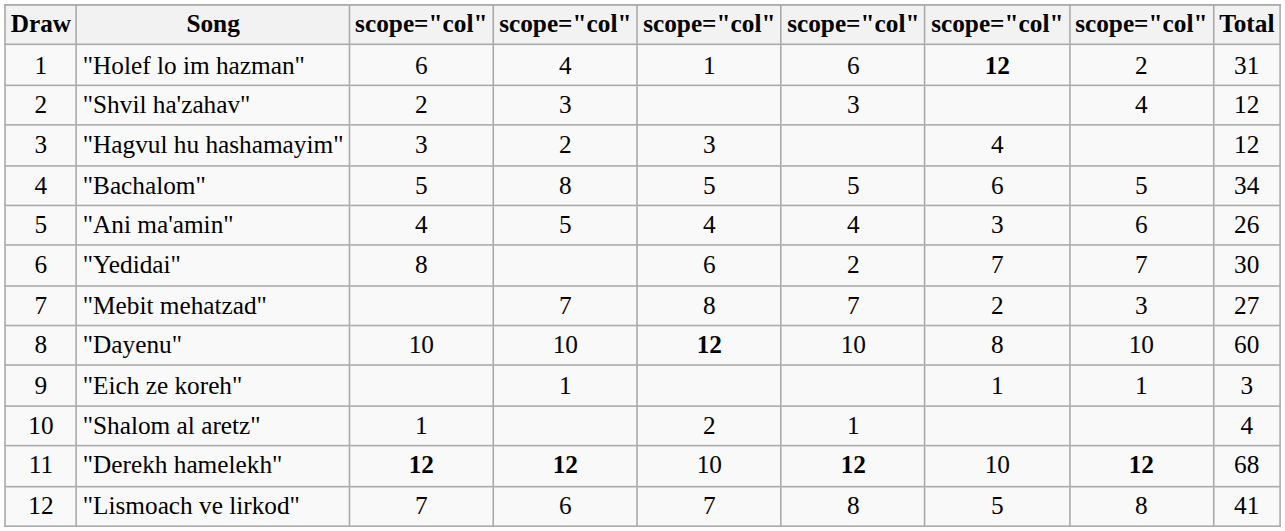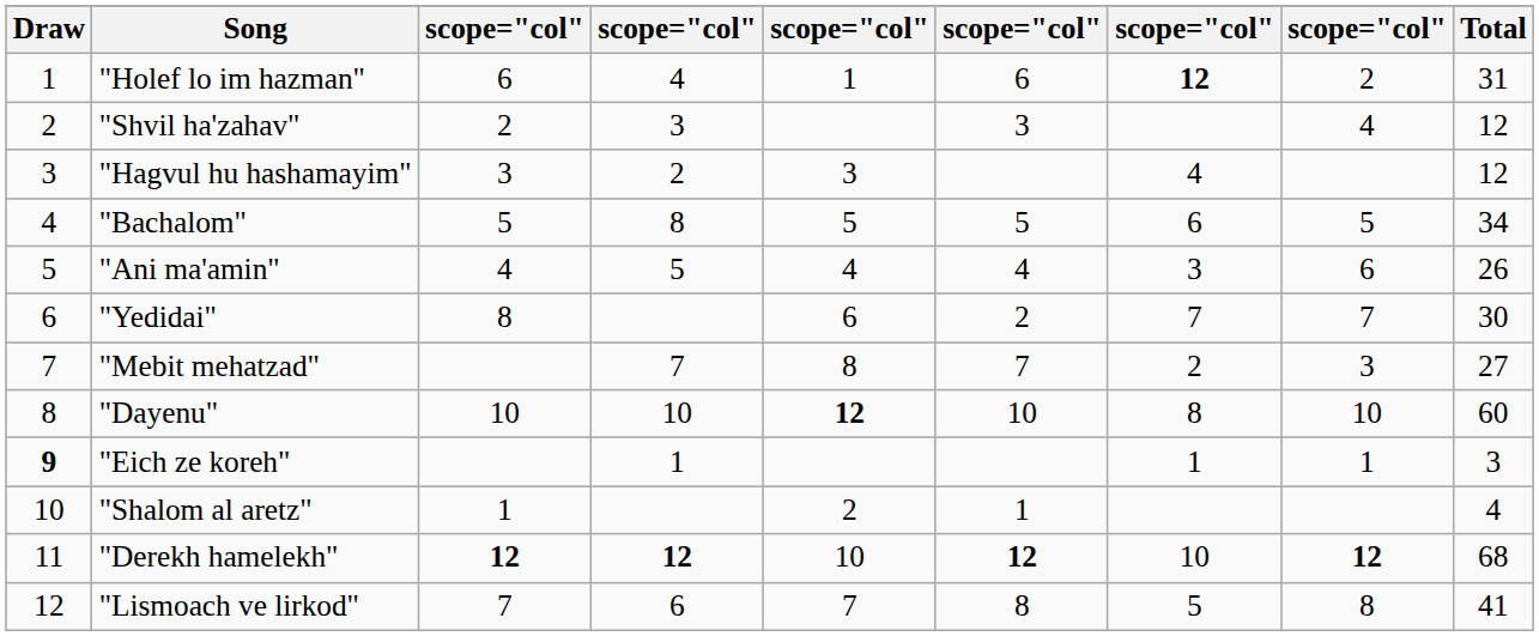 <table class="wikitable plainrowheaders" style="margin: 1em auto 1em auto; text-align:center;">
 <tr>
 </tr>
 <tr>
 <th scope="col">Draw</th>
 <th scope="col">Song</th>
 <th>scope="col" </th>
 <th>scope="col" </th>
 <th>scope="col" </th>
 <th>scope="col" </th>
 <th>scope="col" </th>
 <th>scope="col" </th>
 <th scope="col">Total</th>
 </tr>
 <tr>
 <td>1</td>
 <td align="left">"Holef lo im hazman"</td>
 <td>6</td>
 <td>4</td>
 <td>1</td>
 <td>6</td>
 <td><strong>12</strong></td>
 <td>2</td>
 <td>31</td>
 </tr>
 <tr>
 <td>2</td>
 <td align="left">"Shvil ha'zahav"</td>
 <td>2</td>
 <td>3</td>
 <td></td>
 <td>3</td>
 <td></td>
 <td>4</td>
 <td>12</td>
 </tr>
 <tr>
 <td>3</td>
 <td align="left">"Hagvul hu hashamayim"</td>
 <td>3</td>
 <td>2</td>
 <td>3</td>
 <td></td>
 <td>4</td>
 <td></td>
 <td>12</td>
 </tr>
 <tr>
 <td>4</td>
 <td align="left">"Bachalom"</td>
 <td>5</td>
 <td>8</td>
 <td>5</td>
 <td>5</td>
 <td>6</td>
 <td>5</td>
 <td>34</td>
 </tr>
 <tr>
 <td>5</td>
 <td align="left">"Ani ma'amin"</td>
 <td>4</td>
 <td>5</td>
 <td>4</td>
 <td>4</td>
 <td>3</td>
 <td>6</td>
 <td>26</td>
 </tr>
 <tr>
 <td>6</td>
 <td align="left">"Yedidai"</td>
 <td>8</td>
 <td></td>
 <td>6</td>
 <td>2</td>
 <td>7</td>
 <td>7</td>
 <td>30</td>
 </tr>
 <tr>
 <td>7</td>
 <td align="left">"Mebit mehatzad"</td>
 <td></td>
 <td>7</td>
 <td>8</td>
 <td>7</td>
 <td>2</td>
 <td>3</td>
 <td>27</td>
 </tr>
 <tr>
 <td>8</td>
 <td align="left">"Dayenu"</td>
 <td>10</td>
 <td>10</td>
 <td><strong>12</strong></td>
 <td>10</td>
 <td>8</td>
 <td>10</td>
 <td>60</td>
 </tr>
 <tr>
-<td>9</td>
+<td><strong>9</strong></td>
 <td align="left">"Eich ze koreh"</td>
 <td></td>
 <td>1</td>
 <td></td>
 <td></td>
 <td>1</td>
 <td>1</td>
 <td>3</td>
 </tr>
 <tr>
 <td>10</td>
 <td align="left">"Shalom al aretz"</td>
 <td>1</td>
 <td></td>
 <td>2</td>
 <td>1</td>
 <td></td>
 <td></td>
 <td>4</td>
 </tr>
 <tr>
 <td>11</td>
 <td align="left">"Derekh hamelekh"</td>
 <td><strong>12</strong></td>
 <td><strong>12</strong></td>
 <td>10</td>
 <td><strong>12</strong></td>
 <td>10</td>
 <td><strong>12</strong></td>
 <td>68</td>
 </tr>
 <tr>
 <td>12</td>
 <td align="left">"Lismoach ve lirkod"</td>
 <td>7</td>
 <td>6</td>
 <td>7</td>
 <td>8</td>
 <td>5</td>
 <td>8</td>
 <td>41</td>
 </tr>
 </table>
